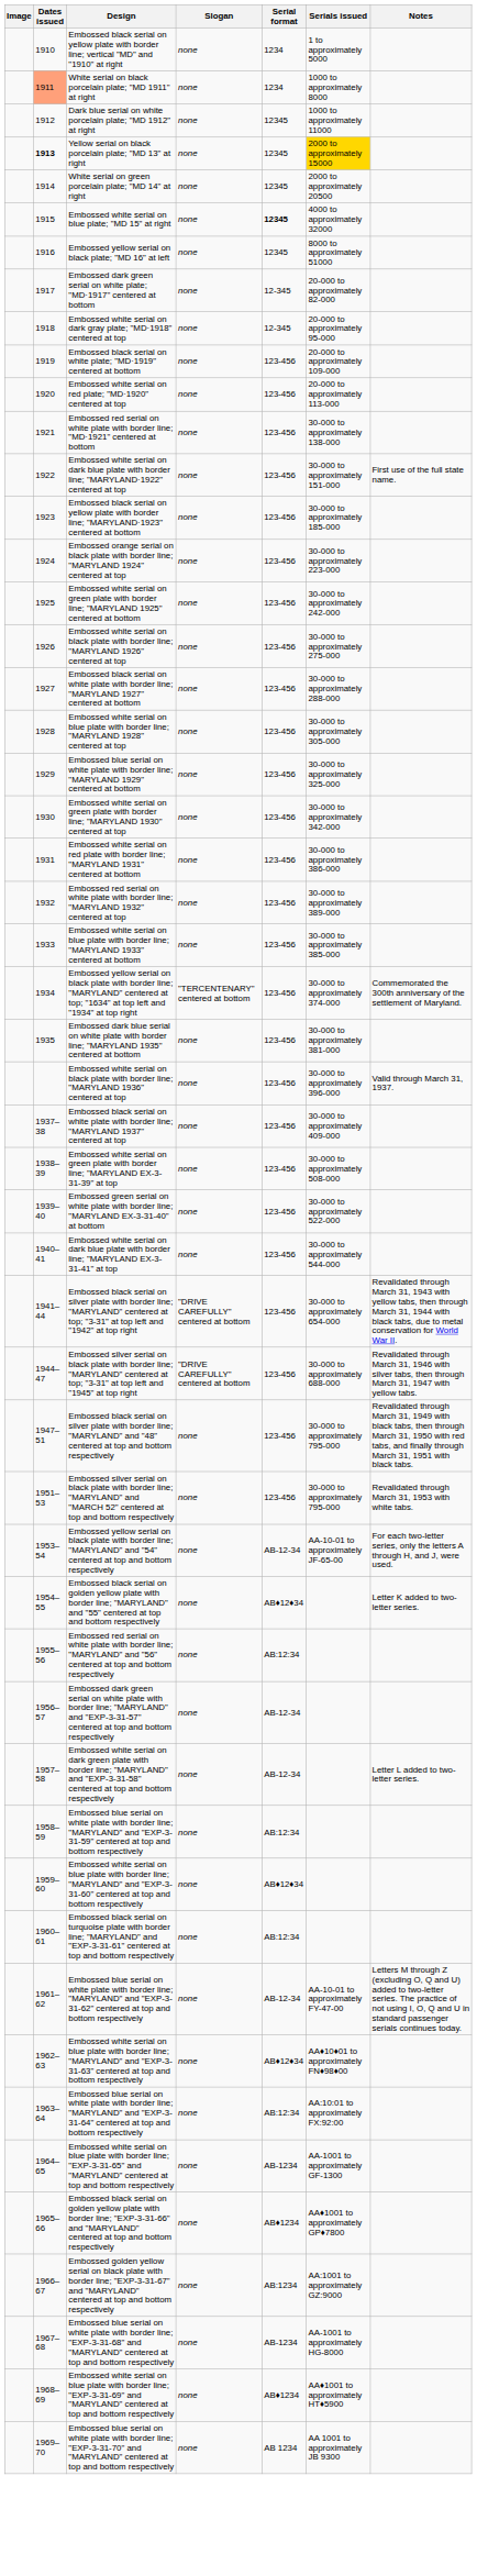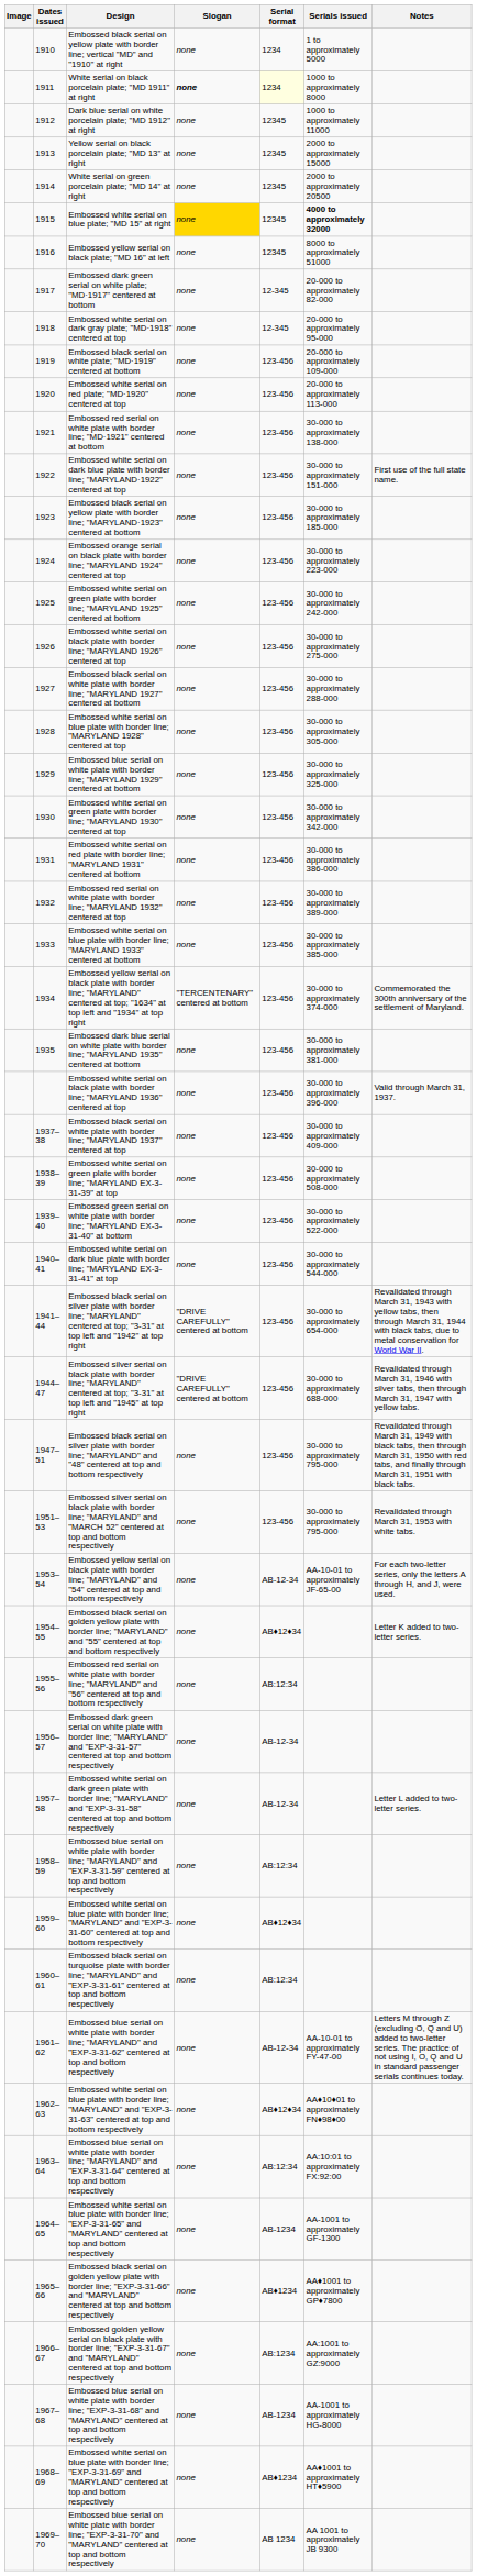 <table class="wikitable">
 <tr>
 <th>Image</th>
 <th>Dates issued</th>
 <th>Design</th>
 <th>Slogan</th>
 <th>Serial format</th>
 <th>Serials issued</th>
 <th>Notes</th>
 </tr>
 <tr>
 <td></td>
 <td>1910</td>
 <td>Embossed black serial on yellow plate with border line; vertical "MD" and "1910" at right</td>
 <td><em>none</em></td>
 <td>1234</td>
 <td>1 to approximately 5000</td>
 <td></td>
 </tr>
 <tr>
 <td></td>
-<td style="background: lightsalmon;">1911</td>
+<td>1911</td>
 <td>White serial on black porcelain plate; "MD 1911" at right</td>
-<td><em>none</em></td>
-<td>1234</td>
+<td><strong><em>none</em></strong></td>
+<td style="background: lightyellow;">1234</td>
 <td>1000 to approximately 8000</td>
 <td></td>
 </tr>
 <tr>
 <td></td>
 <td>1912</td>
 <td>Dark blue serial on white porcelain plate; "MD 1912" at right</td>
 <td><em>none</em></td>
 <td>12345</td>
 <td>1000 to approximately 11000</td>
 <td></td>
 </tr>
 <tr>
 <td></td>
-<td><strong>1913</strong></td>
+<td>1913</td>
 <td>Yellow serial on black porcelain plate; "MD 13" at right</td>
 <td><em>none</em></td>
 <td>12345</td>
-<td style="background: gold;">2000 to approximately 15000</td>
+<td>2000 to approximately 15000</td>
 <td></td>
 </tr>
 <tr>
 <td></td>
 <td>1914</td>
 <td>White serial on green porcelain plate; "MD 14" at right</td>
 <td><em>none</em></td>
 <td>12345</td>
 <td>2000 to approximately 20500</td>
 <td></td>
 </tr>
 <tr>
 <td></td>
 <td>1915</td>
 <td>Embossed white serial on blue plate; "MD 15" at right</td>
-<td><em>none</em></td>
-<td><strong>12345</strong></td>
-<td>4000 to approximately 32000</td>
+<td style="background: gold;"><em>none</em></td>
+<td>12345</td>
+<td><strong>4000 to approximately 32000</strong></td>
 <td></td>
 </tr>
 <tr>
 <td></td>
 <td>1916</td>
 <td>Embossed yellow serial on black plate; "MD 16" at left</td>
 <td><em>none</em></td>
 <td>12345</td>
 <td>8000 to approximately 51000</td>
 <td></td>
 </tr>
 <tr>
 <td></td>
 <td>1917</td>
 <td>Embossed dark green serial on white plate; "MD·1917" centered at bottom</td>
 <td><em>none</em></td>
 <td>12-345</td>
 <td>20-000 to approximately 82-000</td>
 <td></td>
 </tr>
 <tr>
 <td></td>
 <td>1918</td>
 <td>Embossed white serial on dark gray plate; "MD·1918" centered at top</td>
 <td><em>none</em></td>
 <td>12-345</td>
 <td>20-000 to approximately 95-000</td>
 <td></td>
 </tr>
 <tr>
 <td></td>
 <td>1919</td>
 <td>Embossed black serial on white plate; "MD·1919" centered at bottom</td>
 <td><em>none</em></td>
 <td>123-456</td>
 <td>20-000 to approximately 109-000</td>
 <td></td>
 </tr>
 <tr>
 <td></td>
 <td>1920</td>
 <td>Embossed white serial on red plate; "MD·1920" centered at top</td>
 <td><em>none</em></td>
 <td>123-456</td>
 <td>20-000 to approximately 113-000</td>
 <td></td>
 </tr>
 <tr>
 <td></td>
 <td>1921</td>
 <td>Embossed red serial on white plate with border line; "MD·1921" centered at bottom</td>
 <td><em>none</em></td>
 <td>123-456</td>
 <td>30-000 to approximately 138-000</td>
 <td></td>
 </tr>
 <tr>
 <td></td>
 <td>1922</td>
 <td>Embossed white serial on dark blue plate with border line; "MARYLAND·1922" centered at top</td>
 <td><em>none</em></td>
 <td>123-456</td>
 <td>30-000 to approximately 151-000</td>
 <td>First use of the full state name.</td>
 </tr>
 <tr>
 <td></td>
 <td>1923</td>
 <td>Embossed black serial on yellow plate with border line; "MARYLAND·1923" centered at bottom</td>
 <td><em>none</em></td>
 <td>123-456</td>
 <td>30-000 to approximately 185-000</td>
 <td></td>
 </tr>
 <tr>
 <td></td>
 <td>1924</td>
 <td>Embossed orange serial on black plate with border line; "MARYLAND 1924" centered at top</td>
 <td><em>none</em></td>
 <td>123-456</td>
 <td>30-000 to approximately 223-000</td>
 <td></td>
 </tr>
 <tr>
 <td></td>
 <td>1925</td>
 <td>Embossed white serial on green plate with border line; "MARYLAND 1925" centered at bottom</td>
 <td><em>none</em></td>
 <td>123-456</td>
 <td>30-000 to approximately 242-000</td>
 <td></td>
 </tr>
 <tr>
 <td></td>
 <td>1926</td>
 <td>Embossed white serial on black plate with border line; "MARYLAND 1926" centered at top</td>
 <td><em>none</em></td>
 <td>123-456</td>
 <td>30-000 to approximately 275-000</td>
 <td></td>
 </tr>
 <tr>
 <td></td>
 <td>1927</td>
 <td>Embossed black serial on white plate with border line; "MARYLAND 1927" centered at bottom</td>
 <td><em>none</em></td>
 <td>123-456</td>
 <td>30-000 to approximately 288-000</td>
 <td></td>
 </tr>
 <tr>
 <td></td>
 <td>1928</td>
 <td>Embossed white serial on blue plate with border line; "MARYLAND 1928" centered at top</td>
 <td><em>none</em></td>
 <td>123-456</td>
 <td>30-000 to approximately 305-000</td>
 <td></td>
 </tr>
 <tr>
 <td></td>
 <td>1929</td>
 <td>Embossed blue serial on white plate with border line; "MARYLAND 1929" centered at bottom</td>
 <td><em>none</em></td>
 <td>123-456</td>
 <td>30-000 to approximately 325-000</td>
 <td></td>
 </tr>
 <tr>
 <td></td>
 <td>1930</td>
 <td>Embossed white serial on green plate with border line; "MARYLAND 1930" centered at top</td>
 <td><em>none</em></td>
 <td>123-456</td>
 <td>30-000 to approximately 342-000</td>
 <td></td>
 </tr>
 <tr>
 <td></td>
 <td>1931</td>
 <td>Embossed white serial on red plate with border line; "MARYLAND 1931" centered at bottom</td>
 <td><em>none</em></td>
 <td>123-456</td>
 <td>30-000 to approximately 386-000</td>
 <td></td>
 </tr>
 <tr>
 <td></td>
 <td>1932</td>
 <td>Embossed red serial on white plate with border line; "MARYLAND 1932" centered at top</td>
 <td><em>none</em></td>
 <td>123-456</td>
 <td>30-000 to approximately 389-000</td>
 <td></td>
 </tr>
 <tr>
 <td></td>
 <td>1933</td>
 <td>Embossed white serial on blue plate with border line; "MARYLAND 1933" centered at bottom</td>
 <td><em>none</em></td>
 <td>123-456</td>
 <td>30-000 to approximately 385-000</td>
 <td></td>
 </tr>
 <tr>
 <td></td>
 <td>1934</td>
 <td>Embossed yellow serial on black plate with border line; "MARYLAND" centered at top; "1634" at top left and "1934" at top right</td>
 <td>"TERCENTENARY" centered at bottom</td>
 <td>123-456</td>
 <td>30-000 to approximately 374-000</td>
 <td>Commemorated the 300th anniversary of the settlement of Maryland.</td>
 </tr>
 <tr>
 <td></td>
 <td>1935</td>
 <td>Embossed dark blue serial on white plate with border line; "MARYLAND 1935" centered at bottom</td>
 <td><em>none</em></td>
 <td>123-456</td>
 <td>30-000 to approximately 381-000</td>
 <td></td>
 </tr>
 <tr>
 <td></td>
 <td></td>
 <td>Embossed white serial on black plate with border line; "MARYLAND 1936" centered at top</td>
 <td><em>none</em></td>
 <td>123-456</td>
 <td>30-000 to approximately 396-000</td>
 <td>Valid through March 31, 1937.</td>
 </tr>
 <tr>
 <td></td>
 <td>1937–38</td>
 <td>Embossed black serial on white plate with border line; "MARYLAND 1937" centered at top</td>
 <td><em>none</em></td>
 <td>123-456</td>
 <td>30-000 to approximately 409-000</td>
 <td></td>
 </tr>
 <tr>
 <td></td>
 <td>1938–39</td>
 <td>Embossed white serial on green plate with border line; "MARYLAND EX-3-31-39" at top</td>
 <td><em>none</em></td>
 <td>123-456</td>
 <td>30-000 to approximately 508-000</td>
 <td></td>
 </tr>
 <tr>
 <td></td>
 <td>1939–40</td>
 <td>Embossed green serial on white plate with border line; "MARYLAND EX-3-31-40" at bottom</td>
 <td><em>none</em></td>
 <td>123-456</td>
 <td>30-000 to approximately 522-000</td>
 <td></td>
 </tr>
 <tr>
 <td></td>
 <td>1940–41</td>
 <td>Embossed white serial on dark blue plate with border line; "MARYLAND EX-3-31-41" at top</td>
 <td><em>none</em></td>
 <td>123-456</td>
 <td>30-000 to approximately 544-000</td>
 <td></td>
 </tr>
 <tr>
 <td></td>
 <td>1941–44</td>
 <td>Embossed black serial on silver plate with border line; "MARYLAND" centered at top; "3-31" at top left and "1942" at top right</td>
 <td>"DRIVE CAREFULLY" centered at bottom</td>
 <td>123-456</td>
 <td>30-000 to approximately 654-000</td>
 <td>Revalidated through March 31, 1943 with yellow tabs, then through March 31, 1944 with black tabs, due to metal conservation for <a href='#'>World War II</a>.</td>
 </tr>
 <tr>
 <td></td>
 <td>1944–47</td>
 <td>Embossed silver serial on black plate with border line; "MARYLAND" centered at top; "3-31" at top left and "1945" at top right</td>
 <td>"DRIVE CAREFULLY" centered at bottom</td>
 <td>123-456</td>
 <td>30-000 to approximately 688-000</td>
 <td>Revalidated through March 31, 1946 with silver tabs, then through March 31, 1947 with yellow tabs.</td>
 </tr>
 <tr>
 <td></td>
 <td>1947–51</td>
 <td>Embossed black serial on silver plate with border line; "MARYLAND" and "48" centered at top and bottom respectively</td>
 <td><em>none</em></td>
 <td>123-456</td>
 <td>30-000 to approximately 795-000</td>
 <td>Revalidated through March 31, 1949 with black tabs, then through March 31, 1950 with red tabs, and finally through March 31, 1951 with black tabs.</td>
 </tr>
 <tr>
 <td></td>
 <td>1951–53</td>
 <td>Embossed silver serial on black plate with border line; "MARYLAND" and "MARCH 52" centered at top and bottom respectively</td>
 <td><em>none</em></td>
 <td>123-456</td>
 <td>30-000 to approximately 795-000</td>
 <td>Revalidated through March 31, 1953 with white tabs.</td>
 </tr>
 <tr>
 <td></td>
 <td>1953–54</td>
 <td>Embossed yellow serial on black plate with border line; "MARYLAND" and "54" centered at top and bottom respectively</td>
 <td><em>none</em></td>
 <td>AB-12-34</td>
 <td>AA-10-01 to approximately JF-65-00</td>
 <td>For each two-letter series, only the letters A through H, and J, were used.</td>
 </tr>
 <tr>
 <td></td>
 <td>1954–55</td>
 <td>Embossed black serial on golden yellow plate with border line; "MARYLAND" and "55" centered at top and bottom respectively</td>
 <td><em>none</em></td>
 <td>AB♦12♦34</td>
 <td></td>
 <td>Letter K added to two-letter series.</td>
 </tr>
 <tr>
 <td></td>
 <td>1955–56</td>
 <td>Embossed red serial on white plate with border line; "MARYLAND" and "56" centered at top and bottom respectively</td>
 <td><em>none</em></td>
 <td>AB:12:34</td>
 <td></td>
 <td></td>
 </tr>
 <tr>
 <td></td>
 <td>1956–57</td>
 <td>Embossed dark green serial on white plate with border line; "MARYLAND" and "EXP-3-31-57" centered at top and bottom respectively</td>
 <td><em>none</em></td>
 <td>AB-12-34</td>
 <td></td>
 <td></td>
 </tr>
 <tr>
 <td></td>
 <td>1957–58</td>
 <td>Embossed white serial on dark green plate with border line; "MARYLAND" and "EXP-3-31-58" centered at top and bottom respectively</td>
 <td><em>none</em></td>
 <td>AB-12-34</td>
 <td></td>
 <td>Letter L added to two-letter series.</td>
 </tr>
 <tr>
 <td></td>
 <td>1958–59</td>
 <td>Embossed blue serial on white plate with border line; "MARYLAND" and "EXP-3-31-59" centered at top and bottom respectively</td>
 <td><em>none</em></td>
 <td>AB:12:34</td>
 <td></td>
 <td></td>
 </tr>
 <tr>
 <td></td>
 <td>1959–60</td>
 <td>Embossed white serial on blue plate with border line; "MARYLAND" and "EXP-3-31-60" centered at top and bottom respectively</td>
 <td><em>none</em></td>
 <td>AB♦12♦34</td>
 <td></td>
 <td></td>
 </tr>
 <tr>
 <td></td>
 <td>1960–61</td>
 <td>Embossed black serial on turquoise plate with border line; "MARYLAND" and "EXP-3-31-61" centered at top and bottom respectively</td>
 <td><em>none</em></td>
 <td>AB:12:34</td>
 <td></td>
 <td></td>
 </tr>
 <tr>
 <td></td>
 <td>1961–62</td>
 <td>Embossed blue serial on white plate with border line; "MARYLAND" and "EXP-3-31-62" centered at top and bottom respectively</td>
 <td><em>none</em></td>
 <td>AB-12-34</td>
 <td>AA-10-01 to approximately FY-47-00</td>
 <td>Letters M through Z (excluding O, Q and U) added to two-letter series. The practice of not using I, O, Q and U in standard passenger serials continues today.</td>
 </tr>
 <tr>
 <td></td>
 <td>1962–63</td>
 <td>Embossed white serial on blue plate with border line; "MARYLAND" and "EXP-3-31-63" centered at top and bottom respectively</td>
 <td><em>none</em></td>
 <td>AB♦12♦34</td>
 <td>AA♦10♦01 to approximately FN♦98♦00</td>
 <td></td>
 </tr>
 <tr>
 <td></td>
 <td>1963–64</td>
 <td>Embossed blue serial on white plate with border line; "MARYLAND" and "EXP-3-31-64" centered at top and bottom respectively</td>
 <td><em>none</em></td>
 <td>AB:12:34</td>
 <td>AA:10:01 to approximately FX:92:00</td>
 <td></td>
 </tr>
 <tr>
 <td></td>
 <td>1964–65</td>
 <td>Embossed white serial on blue plate with border line; "EXP-3-31-65" and "MARYLAND" centered at top and bottom respectively</td>
 <td><em>none</em></td>
 <td>AB-1234</td>
 <td>AA-1001 to approximately GF-1300</td>
 <td></td>
 </tr>
 <tr>
 <td></td>
 <td>1965–66</td>
 <td>Embossed black serial on golden yellow plate with border line; "EXP-3-31-66" and "MARYLAND" centered at top and bottom respectively</td>
 <td><em>none</em></td>
 <td>AB♦1234</td>
 <td>AA♦1001 to approximately GP♦7800</td>
 <td></td>
 </tr>
 <tr>
 <td></td>
 <td>1966–67</td>
 <td>Embossed golden yellow serial on black plate with border line; "EXP-3-31-67" and "MARYLAND" centered at top and bottom respectively</td>
 <td><em>none</em></td>
 <td>AB:1234</td>
 <td>AA:1001 to approximately GZ:9000</td>
 <td></td>
 </tr>
 <tr>
 <td></td>
 <td>1967–68</td>
 <td>Embossed blue serial on white plate with border line; "EXP-3-31-68" and "MARYLAND" centered at top and bottom respectively</td>
 <td><em>none</em></td>
 <td>AB-1234</td>
 <td>AA-1001 to approximately HG-8000</td>
 <td></td>
 </tr>
 <tr>
 <td></td>
 <td>1968–69</td>
 <td>Embossed white serial on blue plate with border line; "EXP-3-31-69" and "MARYLAND" centered at top and bottom respectively</td>
 <td><em>none</em></td>
 <td>AB♦1234</td>
 <td>AA♦1001 to approximately HT♦5900</td>
 <td></td>
 </tr>
 <tr>
 <td></td>
 <td>1969–70</td>
 <td>Embossed blue serial on white plate with border line; "EXP-3-31-70" and "MARYLAND" centered at top and bottom respectively</td>
 <td><em>none</em></td>
 <td>AB 1234</td>
 <td>AA 1001 to approximately JB 9300</td>
 <td></td>
 </tr>
 </table>
